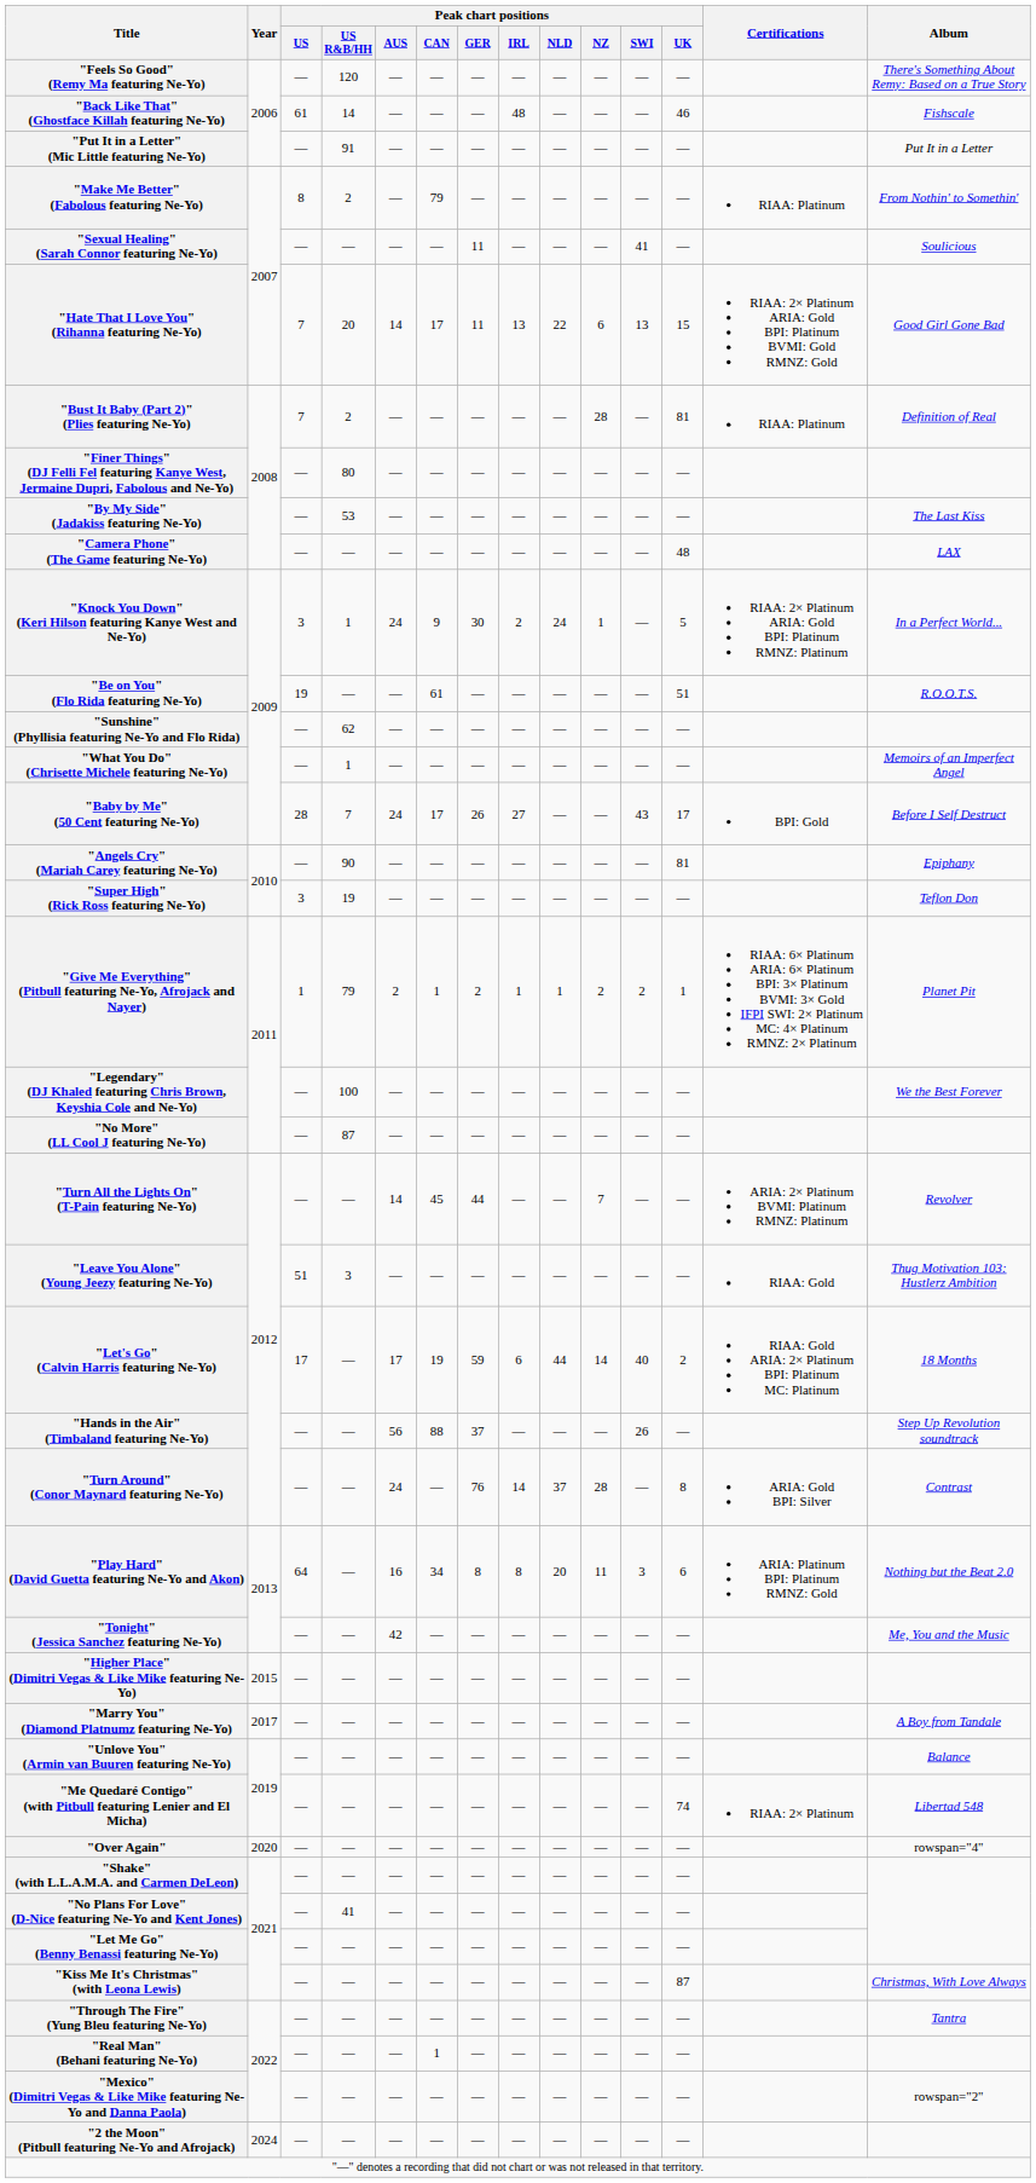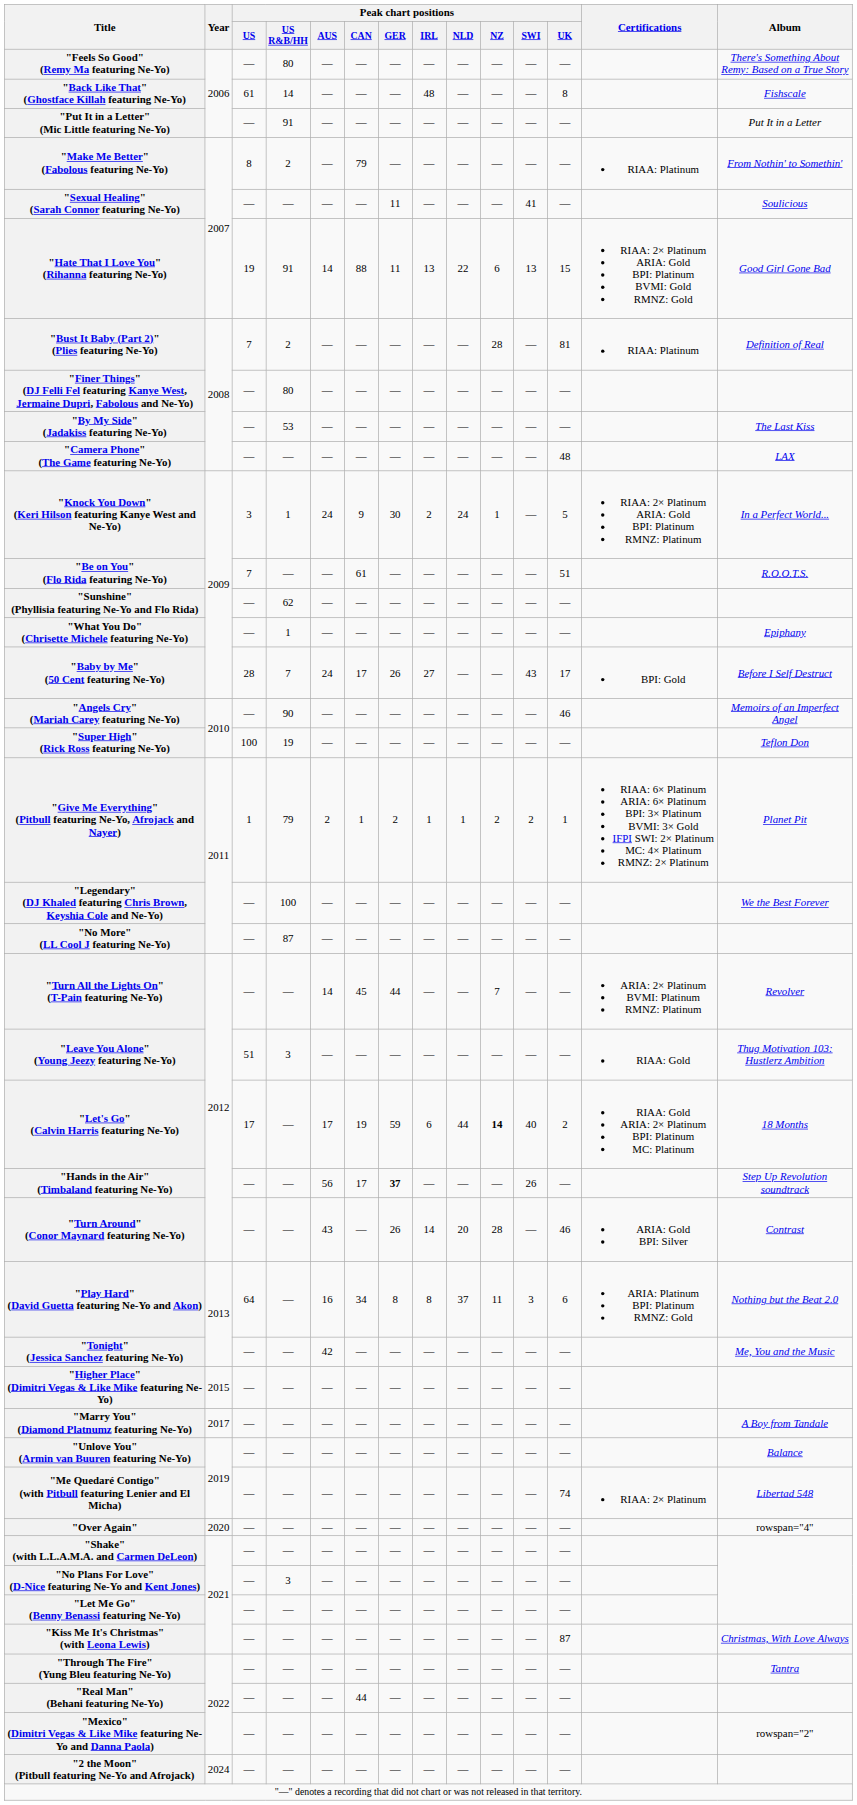 <table class="wikitable plainrowheaders" style="text-align:center;">
 <tr>
 <th scope="col" rowspan="2" style="width:18em;">Title</th>
 <th scope="col" rowspan="2">Year</th>
 <th scope="col" colspan="10">Peak chart positions</th>
 <th scope="col" rowspan="2" style="width:12em;"><a href='#'>Certifications</a></th>
 <th scope="col" rowspan="2">Album</th>
 </tr>
 <tr>
 <th scope="col" style="width:3em;font-size:90%;"><a href='#'>US</a><br></th>
 <th scope="col" style="width:3em;font-size:90%;"><a href='#'>US<br>R&B/HH</a><br></th>
 <th scope="col" style="width:3em;font-size:90%;"><a href='#'>AUS</a><br></th>
 <th scope="col" style="width:3em;font-size:90%;"><a href='#'>CAN</a><br></th>
 <th scope="col" style="width:3em;font-size:90%;"><a href='#'>GER</a><br></th>
 <th scope="col" style="width:3em;font-size:90%;"><a href='#'>IRL</a><br></th>
 <th scope="col" style="width:3em;font-size:90%;"><a href='#'>NLD</a><br></th>
 <th scope="col" style="width:3em;font-size:90%;"><a href='#'>NZ</a><br></th>
 <th scope="col" style="width:3em;font-size:90%;"><a href='#'>SWI</a><br></th>
 <th scope="col" style="width:3em;font-size:90%;"><a href='#'>UK</a><br></th>
 </tr>
 <tr>
 <th scope="row">"Feels So Good"<br><span>(<a href='#'>Remy Ma</a> featuring Ne-Yo)</span></th>
 <td rowspan="3">2006</td>
 <td>—</td>
-<td>120</td>
+<td>80</td>
 <td>—</td>
 <td>—</td>
 <td>—</td>
 <td>—</td>
 <td>—</td>
 <td>—</td>
 <td>—</td>
 <td>—</td>
 <td></td>
 <td><em><a href='#'>There's Something About Remy: Based on a True Story</a></em></td>
 </tr>
 <tr>
 <th scope="row">"<a href='#'>Back Like That</a>"<br><span>(<a href='#'>Ghostface Killah</a> featuring Ne-Yo)</span></th>
 <td>61</td>
 <td>14</td>
 <td>—</td>
 <td>—</td>
 <td>—</td>
 <td>48</td>
 <td>—</td>
 <td>—</td>
 <td>—</td>
-<td>46</td>
+<td>8</td>
 <td></td>
 <td><em><a href='#'>Fishscale</a></em></td>
 </tr>
 <tr>
 <th scope="row">"Put It in a Letter"<br><span>(Mic Little featuring Ne-Yo)</span></th>
 <td>—</td>
 <td>91</td>
 <td>—</td>
 <td>—</td>
 <td>—</td>
 <td>—</td>
 <td>—</td>
 <td>—</td>
 <td>—</td>
 <td>—</td>
 <td></td>
 <td><em>Put It in a Letter</em></td>
 </tr>
 <tr>
 <th scope="row">"<a href='#'>Make Me Better</a>"<br><span>(<a href='#'>Fabolous</a> featuring Ne-Yo)</span></th>
 <td rowspan="3">2007</td>
 <td>8</td>
 <td>2</td>
 <td>—</td>
 <td>79</td>
 <td>—</td>
 <td>—</td>
 <td>—</td>
 <td>—</td>
 <td>—</td>
 <td>—</td>
 <td><br><ul><li>RIAA: Platinum</li></ul></td>
 <td><em><a href='#'>From Nothin' to Somethin'</a></em></td>
 </tr>
 <tr>
 <th scope="row">"<a href='#'>Sexual Healing</a>"<br><span>(<a href='#'>Sarah Connor</a> featuring Ne-Yo)</span></th>
 <td>—</td>
 <td>—</td>
 <td>—</td>
 <td>—</td>
 <td>11</td>
 <td>—</td>
 <td>—</td>
 <td>—</td>
 <td>41</td>
 <td>—</td>
 <td></td>
 <td><em><a href='#'>Soulicious</a></em></td>
 </tr>
 <tr>
 <th scope="row">"<a href='#'>Hate That I Love You</a>"<br><span>(<a href='#'>Rihanna</a> featuring Ne-Yo)</span></th>
-<td>7</td>
-<td>20</td>
+<td>19</td>
+<td>91</td>
 <td>14</td>
-<td>17</td>
+<td>88</td>
 <td>11</td>
 <td>13</td>
 <td>22</td>
 <td>6</td>
 <td>13</td>
 <td>15</td>
 <td><br><ul><li>RIAA: 2× Platinum</li><li>ARIA: Gold</li><li>BPI: Platinum</li><li>BVMI: Gold</li><li>RMNZ: Gold</li></ul></td>
 <td><em><a href='#'>Good Girl Gone Bad</a></em></td>
 </tr>
 <tr>
 <th scope="row">"<a href='#'>Bust It Baby (Part 2)</a>"<br><span>(<a href='#'>Plies</a> featuring Ne-Yo)</span></th>
 <td rowspan="4">2008</td>
 <td>7</td>
 <td>2</td>
 <td>—</td>
 <td>—</td>
 <td>—</td>
 <td>—</td>
 <td>—</td>
 <td>28</td>
 <td>—</td>
 <td>81</td>
 <td><br><ul><li>RIAA: Platinum</li></ul></td>
 <td><em><a href='#'>Definition of Real</a></em></td>
 </tr>
 <tr>
 <th scope="row">"<a href='#'>Finer Things</a>"<br><span>(<a href='#'>DJ Felli Fel</a> featuring <a href='#'>Kanye West</a>, <a href='#'>Jermaine Dupri</a>, <a href='#'>Fabolous</a> and Ne-Yo)</span></th>
 <td>—</td>
 <td>80</td>
 <td>—</td>
 <td>—</td>
 <td>—</td>
 <td>—</td>
 <td>—</td>
 <td>—</td>
 <td>—</td>
 <td>—</td>
 <td></td>
 <td></td>
 </tr>
 <tr>
 <th scope="row">"<a href='#'>By My Side</a>"<br><span>(<a href='#'>Jadakiss</a> featuring Ne-Yo)</span></th>
 <td>—</td>
 <td>53</td>
 <td>—</td>
 <td>—</td>
 <td>—</td>
 <td>—</td>
 <td>—</td>
 <td>—</td>
 <td>—</td>
 <td>—</td>
 <td></td>
 <td><em><a href='#'>The Last Kiss</a></em></td>
 </tr>
 <tr>
 <th scope="row">"<a href='#'>Camera Phone</a>"<br><span>(<a href='#'>The Game</a> featuring Ne-Yo)</span></th>
 <td>—</td>
 <td>—</td>
 <td>—</td>
 <td>—</td>
 <td>—</td>
 <td>—</td>
 <td>—</td>
 <td>—</td>
 <td>—</td>
 <td>48</td>
 <td></td>
 <td><em><a href='#'>LAX</a></em></td>
 </tr>
 <tr>
 <th scope="row">"<a href='#'>Knock You Down</a>"<br><span>(<a href='#'>Keri Hilson</a> featuring Kanye West and Ne-Yo)</span></th>
 <td rowspan="5">2009</td>
 <td>3</td>
 <td>1</td>
 <td>24</td>
 <td>9</td>
 <td>30</td>
 <td>2</td>
 <td>24</td>
 <td>1</td>
 <td>—</td>
 <td>5</td>
 <td><br><ul><li>RIAA: 2× Platinum</li><li>ARIA: Gold</li><li>BPI: Platinum</li><li>RMNZ: Platinum</li></ul></td>
 <td><em><a href='#'>In a Perfect World...</a></em></td>
 </tr>
 <tr>
 <th scope="row">"<a href='#'>Be on You</a>"<br><span>(<a href='#'>Flo Rida</a> featuring Ne-Yo)</span></th>
-<td>19</td>
+<td>7</td>
 <td>—</td>
 <td>—</td>
 <td>61</td>
 <td>—</td>
 <td>—</td>
 <td>—</td>
 <td>—</td>
 <td>—</td>
 <td>51</td>
 <td></td>
 <td><em><a href='#'>R.O.O.T.S.</a></em></td>
 </tr>
 <tr>
 <th scope="row">"Sunshine"<br><span>(Phyllisia featuring Ne-Yo and Flo Rida)</span></th>
 <td>—</td>
 <td>62</td>
 <td>—</td>
 <td>—</td>
 <td>—</td>
 <td>—</td>
 <td>—</td>
 <td>—</td>
 <td>—</td>
 <td>—</td>
 <td></td>
 <td></td>
 </tr>
 <tr>
 <th scope="row">"What You Do"<br><span>(<a href='#'>Chrisette Michele</a> featuring Ne-Yo)</span></th>
 <td>—</td>
 <td>1</td>
 <td>—</td>
 <td>—</td>
 <td>—</td>
 <td>—</td>
 <td>—</td>
 <td>—</td>
 <td>—</td>
 <td>—</td>
 <td></td>
-<td><em><a href='#'>Memoirs of an Imperfect Angel</a></em></td>
+<td><em><a href='#'>Epiphany</a></em></td>
 </tr>
 <tr>
 <th scope="row">"<a href='#'>Baby by Me</a>"<br><span>(<a href='#'>50 Cent</a> featuring Ne-Yo)</span></th>
 <td>28</td>
 <td>7</td>
 <td>24</td>
 <td>17</td>
 <td>26</td>
 <td>27</td>
 <td>—</td>
 <td>—</td>
 <td>43</td>
 <td>17</td>
 <td><br><ul><li>BPI: Gold</li></ul></td>
 <td><em><a href='#'>Before I Self Destruct</a></em></td>
 </tr>
 <tr>
 <th scope="row">"<a href='#'>Angels Cry</a>"<br><span>(<a href='#'>Mariah Carey</a> featuring Ne-Yo)</span></th>
 <td rowspan="2">2010</td>
 <td>—</td>
 <td>90</td>
 <td>—</td>
 <td>—</td>
 <td>—</td>
 <td>—</td>
 <td>—</td>
 <td>—</td>
 <td>—</td>
-<td>81</td>
+<td>46</td>
 <td></td>
-<td><em><a href='#'>Epiphany</a></em></td>
+<td><em><a href='#'>Memoirs of an Imperfect Angel</a></em></td>
 </tr>
 <tr>
 <th scope="row">"<a href='#'>Super High</a>"<br><span>(<a href='#'>Rick Ross</a> featuring Ne-Yo)</span></th>
-<td>3</td>
+<td>100</td>
 <td>19</td>
 <td>—</td>
 <td>—</td>
 <td>—</td>
 <td>—</td>
 <td>—</td>
 <td>—</td>
 <td>—</td>
 <td>—</td>
 <td></td>
 <td><em><a href='#'>Teflon Don</a></em></td>
 </tr>
 <tr>
 <th scope="row">"<a href='#'>Give Me Everything</a>"<br><span>(<a href='#'>Pitbull</a> featuring Ne-Yo, <a href='#'>Afrojack</a> and <a href='#'>Nayer</a>)</span></th>
 <td rowspan="3">2011</td>
 <td>1</td>
 <td>79</td>
 <td>2</td>
 <td>1</td>
 <td>2</td>
 <td>1</td>
 <td>1</td>
 <td>2</td>
 <td>2</td>
 <td>1</td>
 <td><br><ul><li>RIAA: 6× Platinum</li><li>ARIA: 6× Platinum</li><li>BPI: 3× Platinum</li><li>BVMI: 3× Gold</li><li><a href='#'>IFPI</a> SWI: 2× Platinum</li><li>MC: 4× Platinum</li><li>RMNZ: 2× Platinum</li></ul></td>
 <td><em><a href='#'>Planet Pit</a></em></td>
 </tr>
 <tr>
 <th scope="row">"Legendary"<br><span>(<a href='#'>DJ Khaled</a> featuring <a href='#'>Chris Brown</a>, <a href='#'>Keyshia Cole</a> and Ne-Yo)</span></th>
 <td>—</td>
 <td>100</td>
 <td>—</td>
 <td>—</td>
 <td>—</td>
 <td>—</td>
 <td>—</td>
 <td>—</td>
 <td>—</td>
 <td>—</td>
 <td></td>
 <td><em><a href='#'>We the Best Forever</a></em></td>
 </tr>
 <tr>
 <th scope="row">"No More"<br><span>(<a href='#'>LL Cool J</a> featuring Ne-Yo)</span></th>
 <td>—</td>
 <td>87</td>
 <td>—</td>
 <td>—</td>
 <td>—</td>
 <td>—</td>
 <td>—</td>
 <td>—</td>
 <td>—</td>
 <td>—</td>
 <td></td>
 <td></td>
 </tr>
 <tr>
 <th scope="row">"<a href='#'>Turn All the Lights On</a>"<br><span>(<a href='#'>T-Pain</a> featuring Ne-Yo)</span></th>
 <td rowspan="5">2012</td>
 <td>—</td>
 <td>—</td>
 <td>14</td>
 <td>45</td>
 <td>44</td>
 <td>—</td>
 <td>—</td>
 <td>7</td>
 <td>—</td>
 <td>—</td>
 <td><br><ul><li>ARIA: 2× Platinum</li><li>BVMI: Platinum</li><li>RMNZ: Platinum</li></ul></td>
 <td><em><a href='#'>Revolver</a></em></td>
 </tr>
 <tr>
 <th scope="row">"<a href='#'>Leave You Alone</a>"<br><span>(<a href='#'>Young Jeezy</a> featuring Ne-Yo)</span></th>
 <td>51</td>
 <td>3</td>
 <td>—</td>
 <td>—</td>
 <td>—</td>
 <td>—</td>
 <td>—</td>
 <td>—</td>
 <td>—</td>
 <td>—</td>
 <td><br><ul><li>RIAA: Gold</li></ul></td>
 <td><em><a href='#'>Thug Motivation 103: Hustlerz Ambition</a></em></td>
 </tr>
 <tr>
 <th scope="row">"<a href='#'>Let's Go</a>"<br><span>(<a href='#'>Calvin Harris</a> featuring Ne-Yo)</span></th>
 <td>17</td>
 <td>—</td>
 <td>17</td>
 <td>19</td>
 <td>59</td>
 <td>6</td>
 <td>44</td>
-<td>14</td>
+<td><strong>14</strong></td>
 <td>40</td>
 <td>2</td>
 <td><br><ul><li>RIAA: Gold</li><li>ARIA: 2× Platinum</li><li>BPI: Platinum</li><li>MC: Platinum</li></ul></td>
 <td><em><a href='#'>18 Months</a></em></td>
 </tr>
 <tr>
 <th scope="row">"Hands in the Air"<br><span>(<a href='#'>Timbaland</a> featuring Ne-Yo)</span></th>
 <td>—</td>
 <td>—</td>
 <td>56</td>
-<td>88</td>
-<td>37</td>
+<td>17</td>
+<td><strong>37</strong></td>
 <td>—</td>
 <td>—</td>
 <td>—</td>
 <td>26</td>
 <td>—</td>
 <td></td>
 <td><a href='#'><em>Step Up Revolution soundtrack</em></a></td>
 </tr>
 <tr>
 <th scope="row">"<a href='#'>Turn Around</a>"<br><span>(<a href='#'>Conor Maynard</a> featuring Ne-Yo)</span></th>
 <td>—</td>
 <td>—</td>
-<td>24</td>
+<td>43</td>
 <td>—</td>
-<td>76</td>
+<td>26</td>
 <td>14</td>
-<td>37</td>
+<td>20</td>
 <td>28</td>
 <td>—</td>
-<td>8</td>
+<td>46</td>
 <td><br><ul><li>ARIA: Gold</li><li>BPI: Silver</li></ul></td>
 <td><em><a href='#'>Contrast</a></em></td>
 </tr>
 <tr>
 <th scope="row">"<a href='#'>Play Hard</a>"<br><span>(<a href='#'>David Guetta</a> featuring Ne-Yo and <a href='#'>Akon</a>)</span></th>
 <td rowspan="2">2013</td>
 <td>64</td>
 <td>—</td>
 <td>16</td>
 <td>34</td>
 <td>8</td>
 <td>8</td>
-<td>20</td>
+<td>37</td>
 <td>11</td>
 <td>3</td>
 <td>6</td>
 <td><br><ul><li>ARIA: Platinum</li><li>BPI: Platinum</li><li>RMNZ: Gold</li></ul></td>
 <td><em><a href='#'>Nothing but the Beat 2.0</a></em></td>
 </tr>
 <tr>
 <th scope="row">"<a href='#'>Tonight</a>"<br><span>(<a href='#'>Jessica Sanchez</a> featuring Ne-Yo)</span></th>
 <td>—</td>
 <td>—</td>
 <td>42</td>
 <td>—</td>
 <td>—</td>
 <td>—</td>
 <td>—</td>
 <td>—</td>
 <td>—</td>
 <td>—</td>
 <td></td>
 <td><em><a href='#'>Me, You and the Music</a></em></td>
 </tr>
 <tr>
 <th scope="row">"<a href='#'>Higher Place</a>"<br><span>(<a href='#'>Dimitri Vegas & Like Mike</a> featuring Ne-Yo)</span></th>
 <td>2015</td>
 <td>—</td>
 <td>—</td>
 <td>—</td>
 <td>—</td>
 <td>—</td>
 <td>—</td>
 <td>—</td>
 <td>—</td>
 <td>—</td>
 <td>—</td>
 <td></td>
 <td></td>
 </tr>
 <tr>
 <th scope="row">"Marry You"<br><span>(<a href='#'>Diamond Platnumz</a> featuring Ne-Yo)</span></th>
 <td>2017</td>
 <td>—</td>
 <td>—</td>
 <td>—</td>
 <td>—</td>
 <td>—</td>
 <td>—</td>
 <td>—</td>
 <td>—</td>
 <td>—</td>
 <td>—</td>
 <td></td>
 <td><em><a href='#'>A Boy from Tandale</a></em></td>
 </tr>
 <tr>
 <th scope="row">"Unlove You" <br><span>(<a href='#'>Armin van Buuren</a> featuring Ne-Yo)</span></th>
 <td rowspan="2">2019</td>
 <td>—</td>
 <td>—</td>
 <td>—</td>
 <td>—</td>
 <td>—</td>
 <td>—</td>
 <td>—</td>
 <td>—</td>
 <td>—</td>
 <td>—</td>
 <td></td>
 <td><em><a href='#'>Balance</a></em></td>
 </tr>
 <tr>
 <th scope="row">"Me Quedaré Contigo"<span><br>(with <a href='#'>Pitbull</a> featuring Lenier and El Micha)</span></th>
 <td>—</td>
 <td>—</td>
 <td>—</td>
 <td>—</td>
 <td>—</td>
 <td>—</td>
 <td>—</td>
 <td>—</td>
 <td>—</td>
 <td>74</td>
 <td><br><ul><li>RIAA: 2× Platinum </li></ul></td>
 <td><em><a href='#'>Libertad 548</a></em></td>
 </tr>
 <tr>
 <th scope="row">"Over Again"<br></th>
 <td>2020</td>
 <td>—</td>
 <td>—</td>
 <td>—</td>
 <td>—</td>
 <td>—</td>
 <td>—</td>
 <td>—</td>
 <td>—</td>
 <td>—</td>
 <td>—</td>
 <td></td>
 <td>rowspan="4" </td>
 </tr>
 <tr>
 <th scope="row">"Shake"<br><span>(with L.L.A.M.A. and <a href='#'>Carmen DeLeon</a>)</span></th>
 <td rowspan="4">2021</td>
 <td>—</td>
 <td>—</td>
 <td>—</td>
 <td>—</td>
 <td>—</td>
 <td>—</td>
 <td>—</td>
 <td>—</td>
 <td>—</td>
 <td>—</td>
 <td></td>
 </tr>
 <tr>
 <th scope="row">"No Plans For Love" <br><span>(<a href='#'>D-Nice</a> featuring Ne-Yo and <a href='#'>Kent Jones</a>)</span></th>
 <td>—</td>
-<td>41</td>
+<td>3</td>
 <td>—</td>
 <td>—</td>
 <td>—</td>
 <td>—</td>
 <td>—</td>
 <td>—</td>
 <td>—</td>
 <td>—</td>
 <td></td>
 </tr>
 <tr>
 <th scope="row">"Let Me Go" <br><span>(<a href='#'>Benny Benassi</a> featuring Ne-Yo)</span></th>
 <td>—</td>
 <td>—</td>
 <td>—</td>
 <td>—</td>
 <td>—</td>
 <td>—</td>
 <td>—</td>
 <td>—</td>
 <td>—</td>
 <td>—</td>
 <td></td>
 </tr>
 <tr>
 <th scope="row">"Kiss Me It's Christmas"<br><span>(with <a href='#'>Leona Lewis</a>)</span></th>
 <td>—</td>
 <td>—</td>
 <td>—</td>
 <td>—</td>
 <td>—</td>
 <td>—</td>
 <td>—</td>
 <td>—</td>
 <td>—</td>
 <td>87</td>
 <td></td>
 <td><em><a href='#'>Christmas, With Love Always</a></em></td>
 </tr>
 <tr>
 <th scope="row">"Through The Fire"<br><span>(Yung Bleu featuring Ne-Yo)</span></th>
 <td rowspan="3">2022</td>
 <td>—</td>
 <td>—</td>
 <td>—</td>
 <td>—</td>
 <td>—</td>
 <td>—</td>
 <td>—</td>
 <td>—</td>
 <td>—</td>
 <td>—</td>
 <td></td>
 <td><em><a href='#'>Tantra</a></em></td>
 </tr>
 <tr>
 <th scope="row">"Real Man"<br><span>(Behani featuring Ne-Yo)</span></th>
 <td>—</td>
 <td>—</td>
 <td>—</td>
-<td>1</td>
+<td>44</td>
 <td>—</td>
 <td>—</td>
 <td>—</td>
 <td>—</td>
 <td>—</td>
 <td>—</td>
 <td></td>
 <td></td>
 </tr>
 <tr>
 <th scope="row">"Mexico"<br><span>(<a href='#'>Dimitri Vegas & Like Mike</a> featuring Ne-Yo and <a href='#'>Danna Paola</a>)</span></th>
 <td>—</td>
 <td>—</td>
 <td>—</td>
 <td>—</td>
 <td>—</td>
 <td>—</td>
 <td>—</td>
 <td>—</td>
 <td>—</td>
 <td>—</td>
 <td></td>
 <td>rowspan="2" </td>
 </tr>
 <tr>
 <th scope="row">"2 the Moon"<br><span>(Pitbull featuring Ne-Yo and Afrojack)</span></th>
 <td>2024</td>
 <td>—</td>
 <td>—</td>
 <td>—</td>
 <td>—</td>
 <td>—</td>
 <td>—</td>
 <td>—</td>
 <td>—</td>
 <td>—</td>
 <td>—</td>
 <td></td>
 </tr>
 <tr>
 <td colspan="14" style="font-size:90%">"—" denotes a recording that did not chart or was not released in that territory.</td>
 </tr>
 </table>
